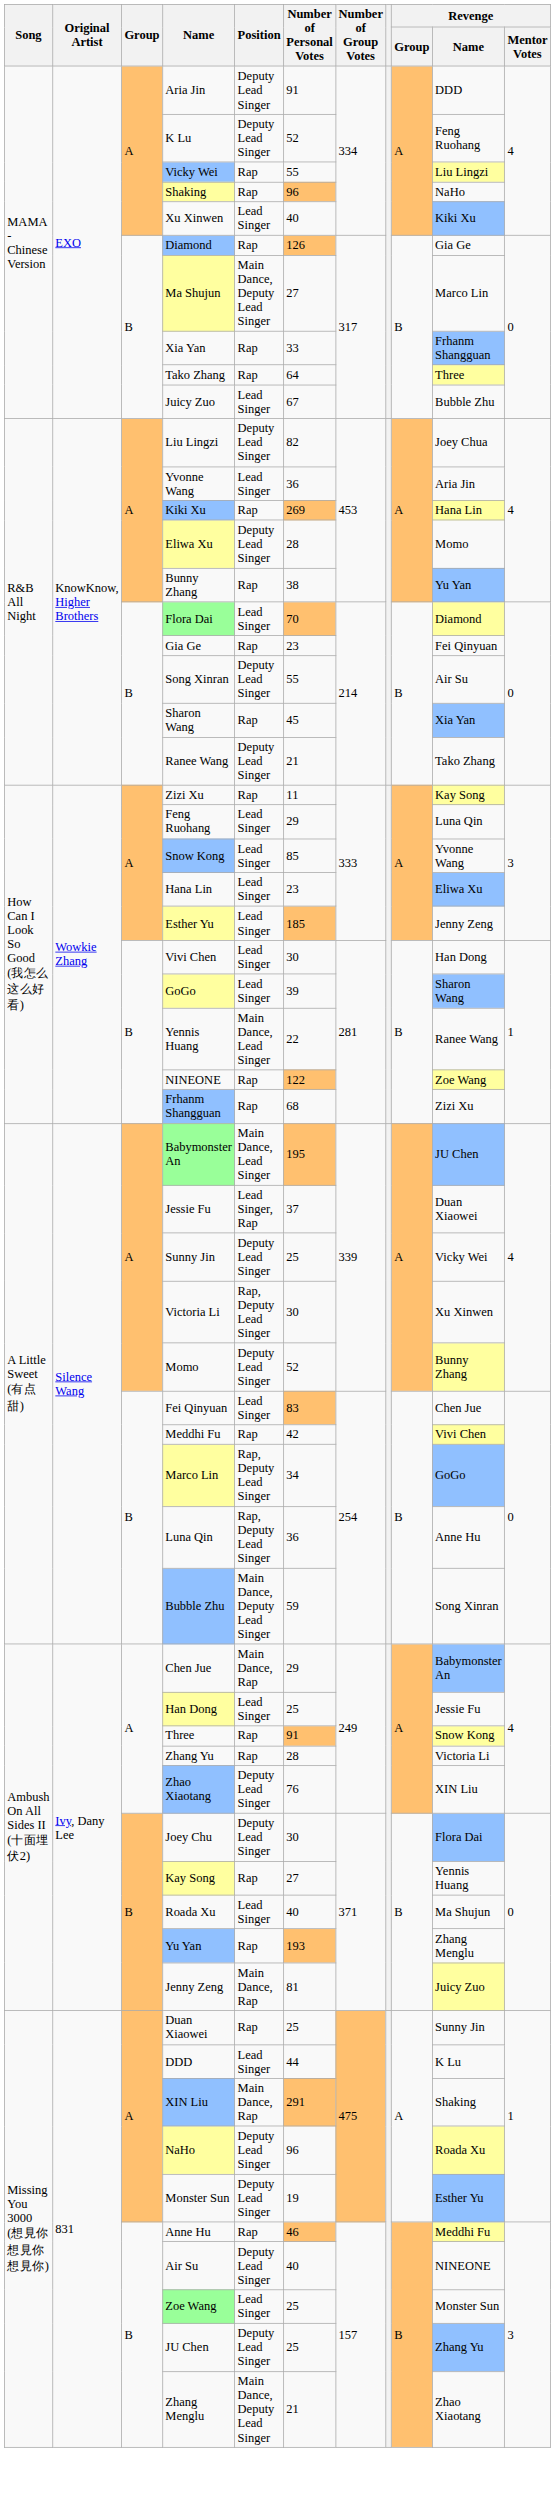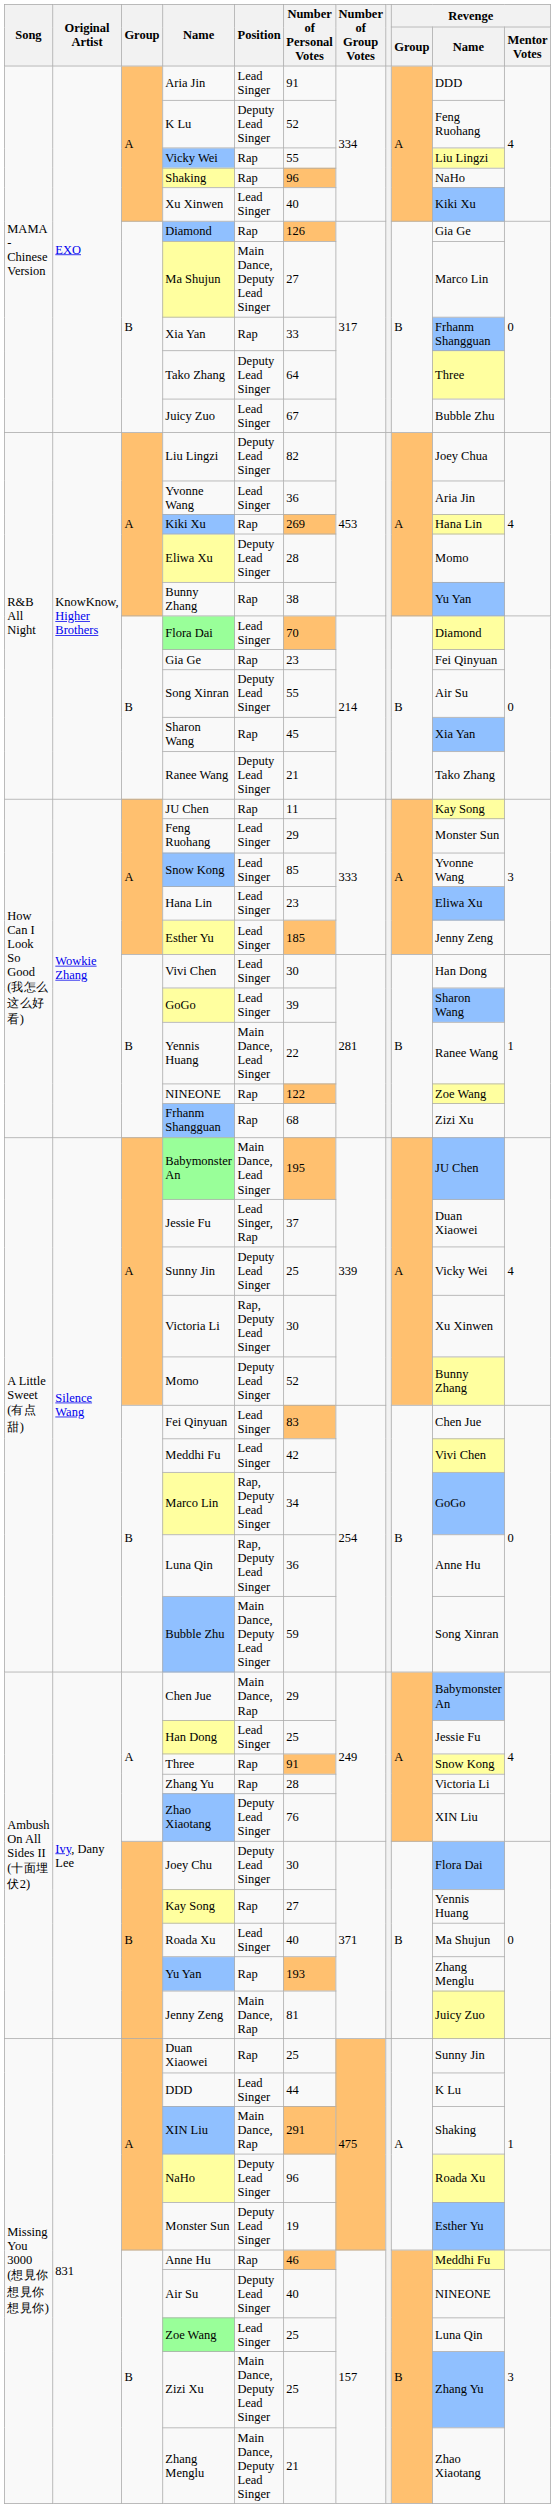 <table class="wikitable sortable">
 <tr>
 <th rowspan="2">Song</th>
 <th rowspan="2">Original Artist</th>
 <th rowspan="2">Group</th>
 <th rowspan="2">Name</th>
 <th rowspan="2">Position</th>
 <th rowspan="2">Number of Personal Votes</th>
 <th rowspan="2">Number of Group Votes</th>
 <th rowspan="2" class="unsortable"></th>
 <th colspan="3">Revenge</th>
 </tr>
 <tr>
 <th>Group</th>
 <th>Name</th>
 <th>Mentor Votes</th>
 </tr>
 <tr>
 <td rowspan="10">MAMA - Chinese Version</td>
 <td rowspan="10"><a href='#'>EXO</a></td>
 <td rowspan="5" style="background:#FFC06F">A</td>
 <td>Aria Jin</td>
-<td>Deputy Lead Singer</td>
+<td>Lead Singer</td>
 <td>91</td>
 <td rowspan="5">334</td>
 <th rowspan="10"></th>
 <td rowspan="5" style="background:#FFC06F">A</td>
 <td>DDD</td>
 <td rowspan="5">4</td>
 </tr>
 <tr>
 <td>K Lu</td>
 <td>Deputy Lead Singer</td>
 <td>52</td>
 <td>Feng Ruohang</td>
 </tr>
 <tr>
 <td style="background:#90C0FF">Vicky Wei</td>
 <td>Rap</td>
 <td>55</td>
 <td style="background:#FFFF9F">Liu Lingzi</td>
 </tr>
 <tr>
 <td style="background:#FFFF9F">Shaking</td>
 <td>Rap</td>
 <td style="background:#FFC06F">96</td>
 <td>NaHo</td>
 </tr>
 <tr>
 <td>Xu Xinwen</td>
 <td>Lead Singer</td>
 <td>40</td>
 <td style="background:#90C0FF">Kiki Xu</td>
 </tr>
 <tr>
 <td rowspan="5">B</td>
 <td style="background:#90C0FF">Diamond</td>
 <td>Rap</td>
 <td style="background:#FFC06F">126</td>
 <td rowspan="5">317</td>
 <td rowspan="5">B</td>
 <td>Gia Ge</td>
 <td rowspan="5">0</td>
 </tr>
 <tr>
 <td style="background:#FFFF9F">Ma Shujun</td>
 <td>Main Dance, Deputy Lead Singer</td>
 <td>27</td>
 <td>Marco Lin</td>
 </tr>
 <tr>
 <td>Xia Yan</td>
 <td>Rap</td>
 <td>33</td>
 <td style="background:#90C0FF">Frhanm Shangguan</td>
 </tr>
 <tr>
 <td>Tako Zhang</td>
-<td>Rap</td>
+<td>Deputy Lead Singer</td>
 <td>64</td>
 <td style="background:#FFFF9F">Three</td>
 </tr>
 <tr>
 <td>Juicy Zuo</td>
 <td>Lead Singer</td>
 <td>67</td>
 <td>Bubble Zhu</td>
 </tr>
 <tr>
 <td rowspan="10">R&B All Night</td>
 <td rowspan="10">KnowKnow, <a href='#'>Higher Brothers</a></td>
 <td rowspan="5" style="background:#FFC06F">A</td>
 <td>Liu Lingzi</td>
 <td>Deputy Lead Singer</td>
 <td>82</td>
 <td rowspan="5">453</td>
 <th rowspan="10"></th>
 <td rowspan="5" style="background:#FFC06F">A</td>
 <td>Joey Chua</td>
 <td rowspan="5">4</td>
 </tr>
 <tr>
 <td>Yvonne Wang</td>
 <td>Lead Singer</td>
 <td>36</td>
 <td>Aria Jin</td>
 </tr>
 <tr>
 <td style="background:#90C0FF">Kiki Xu</td>
 <td>Rap</td>
 <td style="background:#FFC06F">269</td>
 <td style="background:#FFFF9F">Hana Lin</td>
 </tr>
 <tr>
 <td style="background:#FFFF9F">Eliwa Xu</td>
 <td>Deputy Lead Singer</td>
 <td>28</td>
 <td>Momo</td>
 </tr>
 <tr>
 <td>Bunny Zhang</td>
 <td>Rap</td>
 <td>38</td>
 <td style="background:#90C0FF">Yu Yan</td>
 </tr>
 <tr>
 <td rowspan="5">B</td>
 <td style="background:#99FF99">Flora Dai</td>
 <td>Lead Singer</td>
 <td style="background:#FFC06F">70</td>
 <td rowspan="5">214</td>
 <td rowspan="5">B</td>
 <td style="background:#FFFF9F">Diamond</td>
 <td rowspan="5">0</td>
 </tr>
 <tr>
 <td>Gia Ge</td>
 <td>Rap</td>
 <td>23</td>
 <td>Fei Qinyuan</td>
 </tr>
 <tr>
 <td>Song Xinran</td>
 <td>Deputy Lead Singer</td>
 <td>55</td>
 <td>Air Su</td>
 </tr>
 <tr>
 <td>Sharon Wang</td>
 <td>Rap</td>
 <td>45</td>
 <td style="background:#90C0FF">Xia Yan</td>
 </tr>
 <tr>
 <td>Ranee Wang</td>
 <td>Deputy Lead Singer</td>
 <td>21</td>
 <td>Tako Zhang</td>
 </tr>
 <tr>
 <td rowspan="10">How Can I Look So Good (我怎么这么好看)</td>
 <td rowspan="10"><a href='#'>Wowkie Zhang</a></td>
 <td rowspan="5" style="background:#FFC06F">A</td>
-<td>Zizi Xu</td>
+<td>JU Chen</td>
 <td>Rap</td>
 <td>11</td>
 <td rowspan="5">333</td>
 <th rowspan="10"></th>
 <td rowspan="5" style="background:#FFC06F">A</td>
 <td style="background:#FFFF9F">Kay Song</td>
 <td rowspan="5">3</td>
 </tr>
 <tr>
 <td>Feng Ruohang</td>
 <td>Lead Singer</td>
 <td>29</td>
-<td>Luna Qin</td>
+<td>Monster Sun</td>
 </tr>
 <tr>
 <td style="background:#90C0FF">Snow Kong</td>
 <td>Lead Singer</td>
 <td>85</td>
 <td>Yvonne Wang</td>
 </tr>
 <tr>
 <td>Hana Lin</td>
 <td>Lead Singer</td>
 <td>23</td>
 <td style="background:#90C0FF">Eliwa Xu</td>
 </tr>
 <tr>
 <td style="background:#FFFF9F">Esther Yu</td>
 <td>Lead Singer</td>
 <td style="background:#FFC06F">185</td>
 <td>Jenny Zeng</td>
 </tr>
 <tr>
 <td rowspan="5">B</td>
 <td>Vivi Chen</td>
 <td>Lead Singer</td>
 <td>30</td>
 <td rowspan="5">281</td>
 <td rowspan="5">B</td>
 <td>Han Dong</td>
 <td rowspan="5">1</td>
 </tr>
 <tr>
 <td style="background:#FFFF9F">GoGo</td>
 <td>Lead Singer</td>
 <td>39</td>
 <td style="background:#90C0FF">Sharon Wang</td>
 </tr>
 <tr>
 <td>Yennis Huang</td>
 <td>Main Dance, Lead Singer</td>
 <td>22</td>
 <td>Ranee Wang</td>
 </tr>
 <tr>
 <td>NINEONE</td>
 <td>Rap</td>
 <td style="background:#FFC06F">122</td>
 <td style="background:#FFFF9F">Zoe Wang</td>
 </tr>
 <tr>
 <td style="background:#90C0FF">Frhanm Shangguan</td>
 <td>Rap</td>
 <td>68</td>
 <td>Zizi Xu</td>
 </tr>
 <tr>
 <td rowspan="10">A Little Sweet (有点甜)</td>
 <td rowspan="10"><a href='#'>Silence Wang</a></td>
 <td rowspan="5" style="background:#FFC06F">A</td>
 <td style="background:#99FF99">Babymonster An</td>
 <td>Main Dance, Lead Singer</td>
 <td style="background:#FFC06F">195</td>
 <td rowspan="5">339</td>
 <th rowspan="10"></th>
 <td rowspan="5" style="background:#FFC06F">A</td>
 <td style="background:#90C0FF">JU Chen</td>
 <td rowspan="5">4</td>
 </tr>
 <tr>
 <td>Jessie Fu</td>
 <td>Lead Singer, Rap</td>
 <td>37</td>
 <td>Duan Xiaowei</td>
 </tr>
 <tr>
 <td>Sunny Jin</td>
 <td>Deputy Lead Singer</td>
 <td>25</td>
 <td>Vicky Wei</td>
 </tr>
 <tr>
 <td>Victoria Li</td>
 <td>Rap, Deputy Lead Singer</td>
 <td>30</td>
 <td>Xu Xinwen</td>
 </tr>
 <tr>
 <td>Momo</td>
 <td>Deputy Lead Singer</td>
 <td>52</td>
 <td style="background:#FFFF9F">Bunny Zhang</td>
 </tr>
 <tr>
 <td rowspan="5">B</td>
 <td>Fei Qinyuan</td>
 <td>Lead Singer</td>
 <td style="background:#FFC06F">83</td>
 <td rowspan="5">254</td>
 <td rowspan="5">B</td>
 <td>Chen Jue</td>
 <td rowspan="5">0</td>
 </tr>
 <tr>
 <td>Meddhi Fu</td>
-<td>Rap</td>
+<td>Lead Singer</td>
 <td>42</td>
 <td style="background:#FFFF9F">Vivi Chen</td>
 </tr>
 <tr>
 <td style="background:#FFFF9F">Marco Lin</td>
 <td>Rap, Deputy Lead Singer</td>
 <td>34</td>
 <td style="background:#90C0FF">GoGo</td>
 </tr>
 <tr>
 <td>Luna Qin</td>
 <td>Rap, Deputy Lead Singer</td>
 <td>36</td>
 <td>Anne Hu</td>
 </tr>
 <tr>
 <td style="background:#90C0FF">Bubble Zhu</td>
 <td>Main Dance, Deputy Lead Singer</td>
 <td>59</td>
 <td>Song Xinran</td>
 </tr>
 <tr>
 <td rowspan="10">Ambush On All Sides II (十面埋伏2)</td>
 <td rowspan="10"><a href='#'>Ivy</a>, Dany Lee</td>
 <td rowspan="5">A</td>
 <td>Chen Jue</td>
 <td>Main Dance, Rap</td>
 <td>29</td>
 <td rowspan="5">249</td>
 <th rowspan="10"></th>
 <td rowspan="5" style="background:#FFC06F">A</td>
 <td style="background:#90C0FF">Babymonster An</td>
 <td rowspan="5">4</td>
 </tr>
 <tr>
 <td style="background:#FFFF9F">Han Dong</td>
 <td>Lead Singer</td>
 <td>25</td>
 <td>Jessie Fu</td>
 </tr>
 <tr>
 <td>Three</td>
 <td>Rap</td>
 <td style="background:#FFC06F">91</td>
 <td style="background:#FFFF9F">Snow Kong</td>
 </tr>
 <tr>
 <td>Zhang Yu</td>
 <td>Rap</td>
 <td>28</td>
 <td>Victoria Li</td>
 </tr>
 <tr>
 <td style="background:#90C0FF">Zhao Xiaotang</td>
 <td>Deputy Lead Singer</td>
 <td>76</td>
 <td>XIN Liu</td>
 </tr>
 <tr>
 <td rowspan="5" style="background:#FFC06F">B</td>
 <td>Joey Chu</td>
 <td>Deputy Lead Singer</td>
 <td>30</td>
 <td rowspan="5">371</td>
 <td rowspan="5">B</td>
 <td style="background:#90C0FF">Flora Dai</td>
 <td rowspan="5">0</td>
 </tr>
 <tr>
 <td style="background:#FFFF9F">Kay Song</td>
 <td>Rap</td>
 <td>27</td>
 <td>Yennis Huang</td>
 </tr>
 <tr>
 <td>Roada Xu</td>
 <td>Lead Singer</td>
 <td>40</td>
 <td>Ma Shujun</td>
 </tr>
 <tr>
 <td style="background:#90C0FF">Yu Yan</td>
 <td>Rap</td>
 <td style="background:#FFC06F">193</td>
 <td>Zhang Menglu</td>
 </tr>
 <tr>
 <td>Jenny Zeng</td>
 <td>Main Dance, Rap</td>
 <td>81</td>
 <td style="background:#FFFF9F">Juicy Zuo</td>
 </tr>
 <tr>
 <td rowspan="10">Missing You 3000 (想見你想見你想見你)</td>
 <td rowspan="10">831</td>
 <td rowspan="5" style="background:#FFC06F">A</td>
 <td>Duan Xiaowei</td>
 <td>Rap</td>
 <td>25</td>
 <td rowspan="5" style="background:#FFC06F">475</td>
 <th rowspan="10"></th>
 <td rowspan="5">A</td>
 <td>Sunny Jin</td>
 <td rowspan="5">1</td>
 </tr>
 <tr>
 <td>DDD</td>
 <td>Lead Singer</td>
 <td>44</td>
 <td>K Lu</td>
 </tr>
 <tr>
 <td style="background:#90C0FF">XIN Liu</td>
 <td>Main Dance, Rap</td>
 <td style="background:#FFC06F">291</td>
 <td>Shaking</td>
 </tr>
 <tr>
 <td style="background:#FFFF9F">NaHo</td>
 <td>Deputy Lead Singer</td>
 <td>96</td>
 <td style="background:#FFFF9F">Roada Xu</td>
 </tr>
 <tr>
 <td>Monster Sun</td>
 <td>Deputy Lead Singer</td>
 <td>19</td>
 <td style="background:#90C0FF">Esther Yu</td>
 </tr>
 <tr>
 <td rowspan="5">B</td>
 <td>Anne Hu</td>
 <td>Rap</td>
 <td style="background:#FFC06F">46</td>
 <td rowspan="5">157</td>
 <td rowspan="5" style="background:#FFC06F">B</td>
 <td style="background:#FFFF9F">Meddhi Fu</td>
 <td rowspan="5">3</td>
 </tr>
 <tr>
 <td>Air Su</td>
 <td>Deputy Lead Singer</td>
 <td>40</td>
 <td>NINEONE</td>
 </tr>
 <tr>
 <td style="background:#99FF99">Zoe Wang</td>
 <td>Lead Singer</td>
 <td>25</td>
-<td>Monster Sun</td>
+<td>Luna Qin</td>
 </tr>
 <tr>
-<td>JU Chen</td>
-<td>Deputy Lead Singer</td>
+<td>Zizi Xu</td>
+<td>Main Dance, Deputy Lead Singer</td>
 <td>25</td>
 <td style="background:#90C0FF">Zhang Yu</td>
 </tr>
 <tr>
 <td>Zhang Menglu</td>
 <td>Main Dance, Deputy Lead Singer</td>
 <td>21</td>
 <td>Zhao Xiaotang</td>
 </tr>
 </table>
